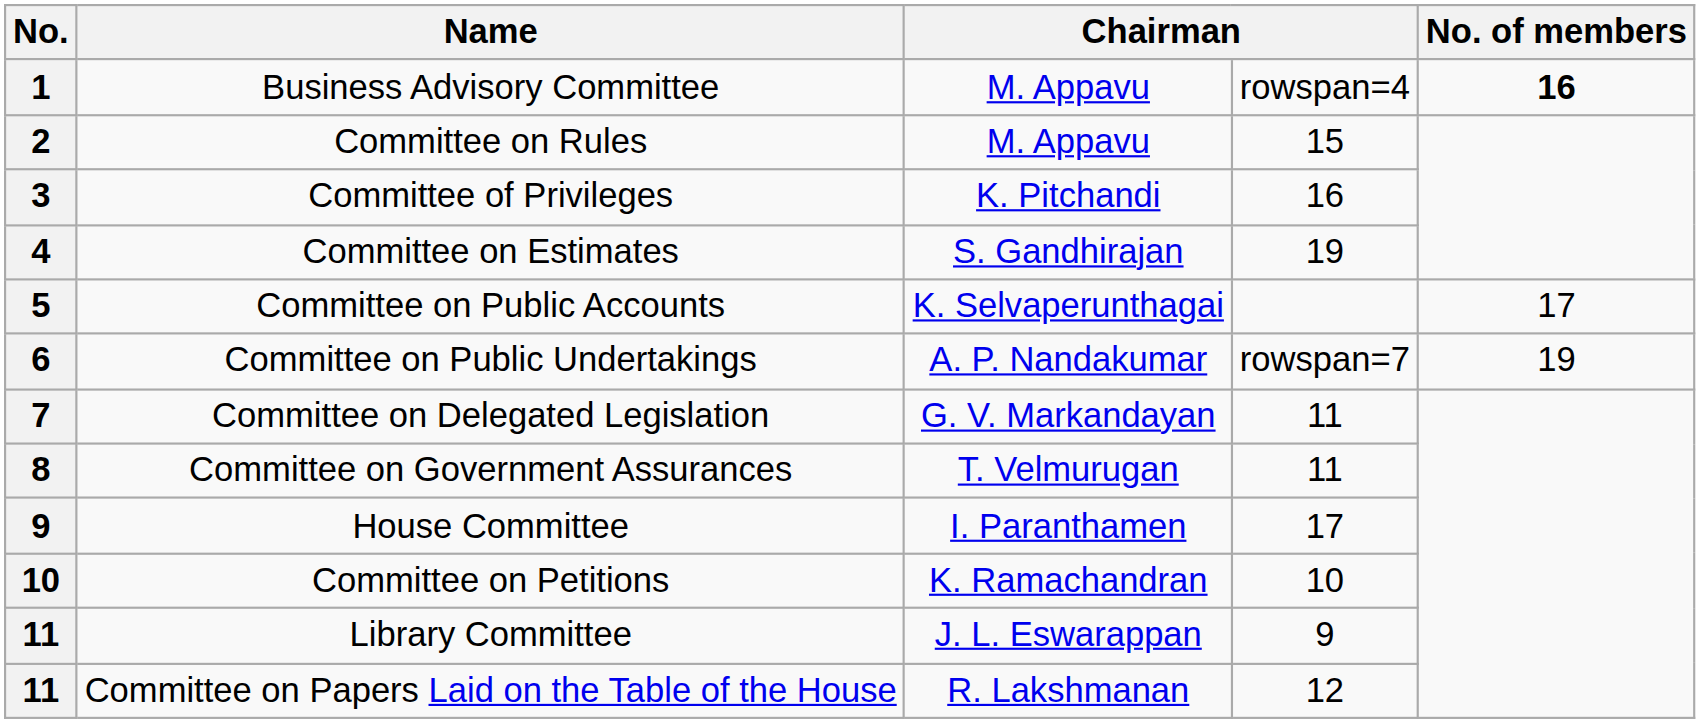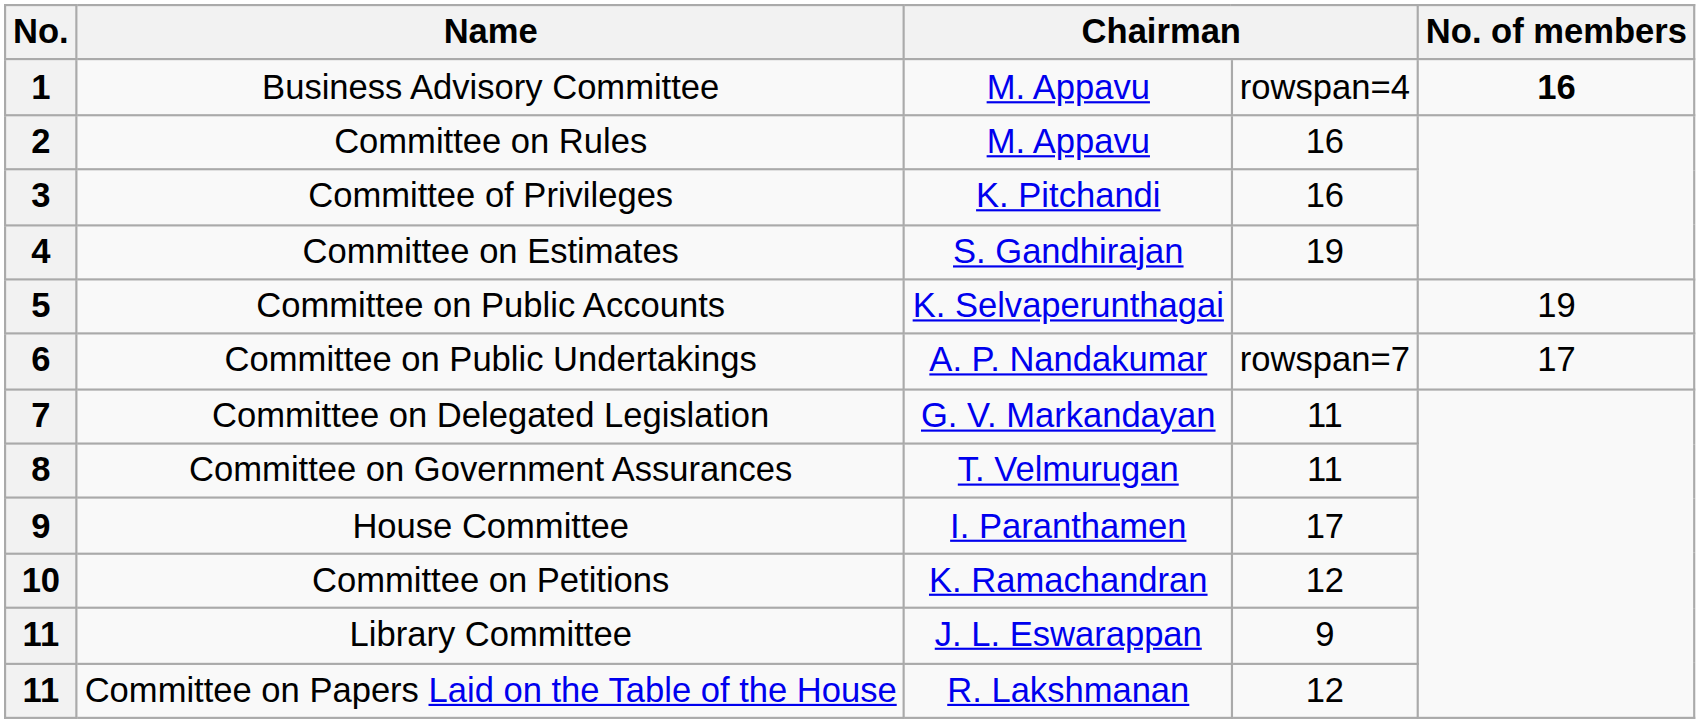 <table class="wikitable" style="text-align:center">
 <tr>
 <th>No.</th>
 <th>Name</th>
 <th colspan=2>Chairman</th>
 <th>No. of members<br></th>
 </tr>
 <tr>
 <th>1</th>
 <td>Business Advisory Committee</td>
 <td><a href='#'>M. Appavu</a></td>
 <td>rowspan=4 </td>
 <td><strong>16</strong></td>
 </tr>
 <tr>
 <th>2</th>
 <td>Committee on Rules</td>
 <td><a href='#'>M. Appavu</a></td>
-<td>15</td>
+<td>16</td>
 </tr>
 <tr>
 <th>3</th>
 <td>Committee of Privileges</td>
 <td><a href='#'>K. Pitchandi</a></td>
 <td>16</td>
 </tr>
 <tr>
 <th>4</th>
 <td>Committee on Estimates</td>
 <td><a href='#'>S. Gandhirajan</a></td>
 <td>19</td>
 </tr>
 <tr>
 <th>5</th>
 <td>Committee on Public Accounts</td>
 <td><a href='#'>K. Selvaperunthagai</a></td>
 <td></td>
-<td>17</td>
+<td>19</td>
 </tr>
 <tr>
 <th>6</th>
 <td>Committee on Public Undertakings</td>
 <td><a href='#'>A. P. Nandakumar</a></td>
 <td>rowspan=7 </td>
-<td>19</td>
+<td>17</td>
 </tr>
 <tr>
 <th>7</th>
 <td>Committee on Delegated Legislation</td>
 <td><a href='#'>G. V. Markandayan</a></td>
 <td>11</td>
 </tr>
 <tr>
 <th>8</th>
 <td>Committee on Government Assurances</td>
 <td><a href='#'>T. Velmurugan</a></td>
 <td>11</td>
 </tr>
 <tr>
 <th>9</th>
 <td>House Committee</td>
 <td><a href='#'>I. Paranthamen</a></td>
 <td>17</td>
 </tr>
 <tr>
 <th>10</th>
 <td>Committee on Petitions</td>
 <td><a href='#'>K. Ramachandran</a></td>
-<td>10</td>
+<td>12</td>
 </tr>
 <tr>
 <th>11</th>
 <td>Library Committee</td>
 <td><a href='#'>J. L. Eswarappan</a></td>
 <td>9</td>
 </tr>
 <tr>
 <th>11</th>
 <td>Committee on Papers <a href='#'>Laid on the Table of the House</a></td>
 <td><a href='#'>R. Lakshmanan</a></td>
 <td>12</td>
 </tr>
 </table>
